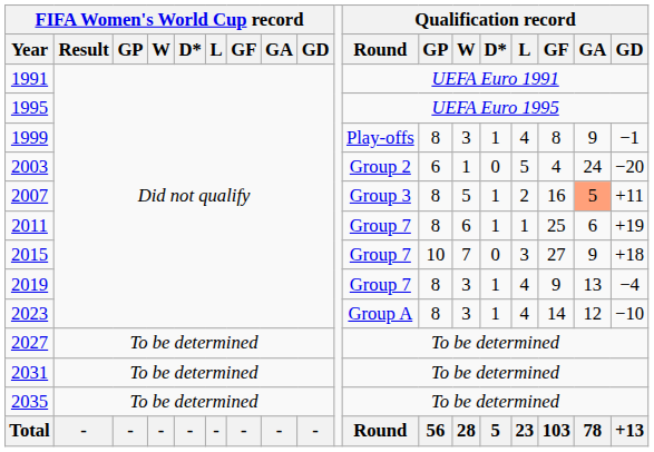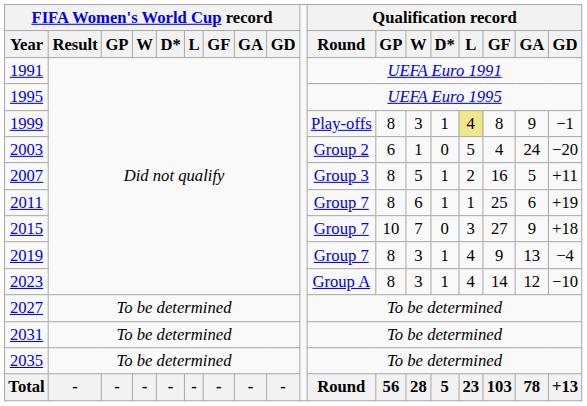 <table class="wikitable" style="text-align: center;">
 <tr>
 <th colspan=9><a href='#'>FIFA Women's World Cup</a> record</th>
 <td rowspan=15></td>
 <th colspan=8>Qualification record</th>
 </tr>
 <tr>
 <th>Year</th>
 <th>Result</th>
 <th>GP</th>
 <th>W</th>
 <th>D*</th>
 <th>L</th>
 <th>GF</th>
 <th>GA</th>
 <th>GD</th>
 <th>Round</th>
 <th>GP</th>
 <th>W</th>
 <th>D*</th>
 <th>L</th>
 <th>GF</th>
 <th>GA</th>
 <th>GD</th>
 </tr>
 <tr>
 <td> <a href='#'>1991</a></td>
 <td colspan="8" rowspan="9"><em>Did not qualify</em></td>
 <td colspan=8><em><a href='#'>UEFA Euro 1991</a></em></td>
 </tr>
 <tr>
 <td> <a href='#'>1995</a></td>
 <td colspan=8><em><a href='#'>UEFA Euro 1995</a></em></td>
 </tr>
 <tr>
 <td> <a href='#'>1999</a></td>
 <td><a href='#'>Play-offs</a></td>
 <td>8</td>
 <td>3</td>
 <td>1</td>
-<td>4</td>
+<td style="background: khaki;">4</td>
 <td>8</td>
 <td>9</td>
 <td>−1</td>
 </tr>
 <tr>
 <td> <a href='#'>2003</a></td>
 <td><a href='#'>Group 2</a></td>
 <td>6</td>
 <td>1</td>
 <td>0</td>
 <td>5</td>
 <td>4</td>
 <td>24</td>
 <td>−20</td>
 </tr>
 <tr>
 <td> <a href='#'>2007</a></td>
 <td><a href='#'>Group 3</a></td>
 <td>8</td>
 <td>5</td>
 <td>1</td>
 <td>2</td>
 <td>16</td>
-<td style="background: lightsalmon;">5</td>
+<td>5</td>
 <td>+11</td>
 </tr>
 <tr>
 <td> <a href='#'>2011</a></td>
 <td><a href='#'>Group 7</a></td>
 <td>8</td>
 <td>6</td>
 <td>1</td>
 <td>1</td>
 <td>25</td>
 <td>6</td>
 <td>+19</td>
 </tr>
 <tr>
 <td> <a href='#'>2015</a></td>
 <td><a href='#'>Group 7</a></td>
 <td>10</td>
 <td>7</td>
 <td>0</td>
 <td>3</td>
 <td>27</td>
 <td>9</td>
 <td>+18</td>
 </tr>
 <tr>
 <td> <a href='#'>2019</a></td>
 <td><a href='#'>Group 7</a></td>
 <td>8</td>
 <td>3</td>
 <td>1</td>
 <td>4</td>
 <td>9</td>
 <td>13</td>
 <td>−4</td>
 </tr>
 <tr>
 <td> <a href='#'>2023</a></td>
 <td><a href='#'>Group A</a></td>
 <td>8</td>
 <td>3</td>
 <td>1</td>
 <td>4</td>
 <td>14</td>
 <td>12</td>
 <td>−10</td>
 </tr>
 <tr>
 <td> <a href='#'>2027</a></td>
 <td colspan="8"><em>To be determined</em></td>
 <td colspan=8><em>To be determined</em></td>
 </tr>
 <tr>
 <td> <a href='#'>2031</a></td>
 <td colspan="8"><em>To be determined</em></td>
 <td colspan=8><em>To be determined</em></td>
 </tr>
 <tr>
 <td> <a href='#'>2035</a></td>
 <td colspan="8"><em>To be determined</em></td>
 <td colspan=8><em>To be determined</em></td>
 </tr>
 <tr>
 <th>Total</th>
 <th>-</th>
 <th>-</th>
 <th>-</th>
 <th>-</th>
 <th>-</th>
 <th>-</th>
 <th>-</th>
 <th>-</th>
 <th>Round</th>
 <th>56</th>
 <th>28</th>
 <th>5</th>
 <th>23</th>
 <th>103</th>
 <th>78</th>
 <th>+13</th>
 </tr>
 </table>
